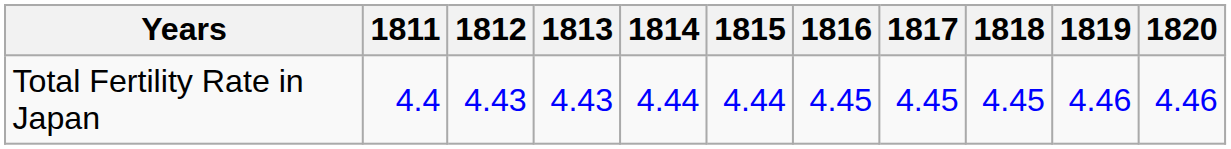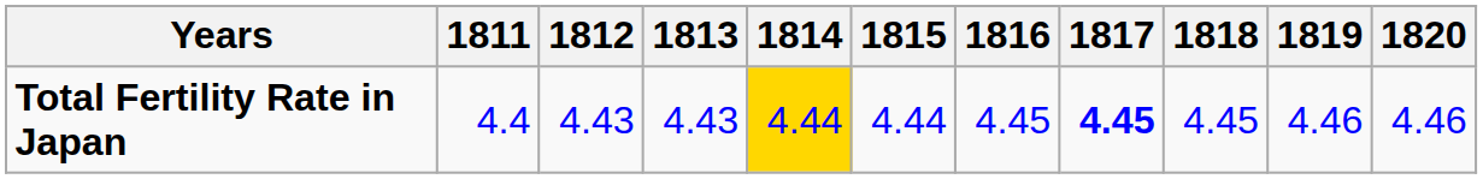 <table class="wikitable " style="text-align:right">
 <tr>
 <th>Years</th>
 <th>1811</th>
 <th>1812</th>
 <th>1813</th>
 <th>1814</th>
 <th>1815</th>
 <th>1816</th>
 <th>1817</th>
 <th>1818</th>
 <th>1819</th>
 <th>1820</th>
 </tr>
 <tr>
-<td align="left">Total Fertility Rate in Japan</td>
+<td align="left"><strong>Total Fertility Rate in Japan</strong></td>
 <td style="text-align:right; color:blue;">4.4</td>
 <td style="text-align:right; color:blue;">4.43</td>
 <td style="text-align:right; color:blue;">4.43</td>
-<td style="text-align:right; color:blue;">4.44</td>
+<td style="background: gold; text-align:right; color:blue;">4.44</td>
 <td style="text-align:right; color:blue;">4.44</td>
 <td style="text-align:right; color:blue;">4.45</td>
-<td style="text-align:right; color:blue;">4.45</td>
+<td style="text-align:right; color:blue;"><strong>4.45</strong></td>
 <td style="text-align:right; color:blue;">4.45</td>
 <td style="text-align:right; color:blue;">4.46</td>
 <td style="text-align:right; color:blue;">4.46</td>
 </tr>
 </table>
